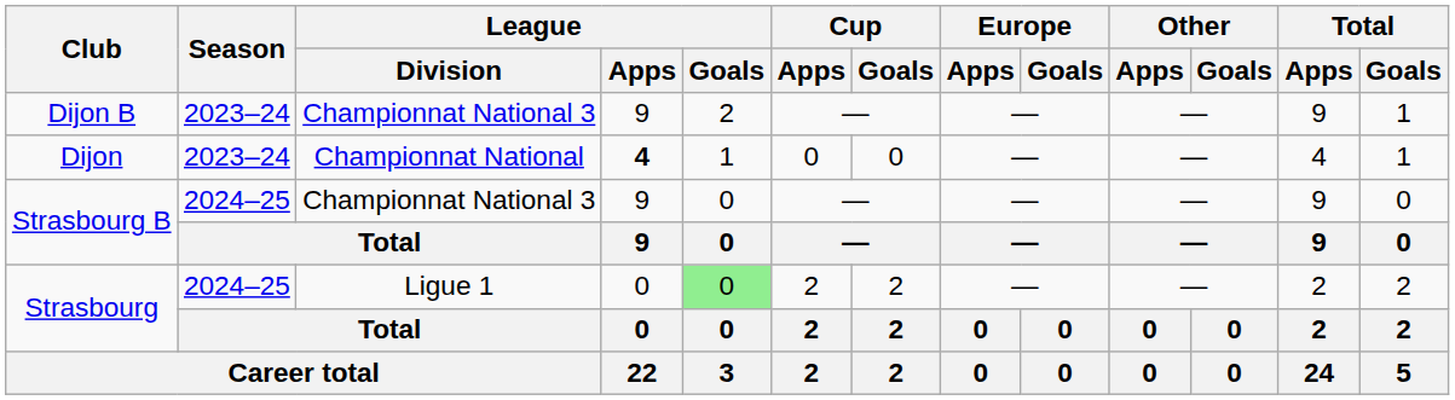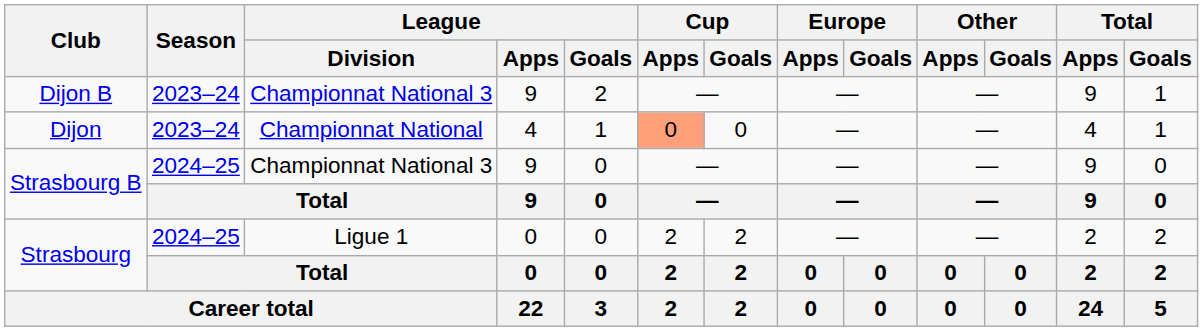 <table class="wikitable" style="text-align: center">
 <tr>
 <th rowspan="2">Club</th>
 <th rowspan="2">Season</th>
 <th colspan="3">League</th>
 <th colspan="2">Cup</th>
 <th colspan="2">Europe</th>
 <th colspan="2">Other</th>
 <th colspan="2">Total</th>
 </tr>
 <tr>
 <th>Division</th>
 <th>Apps</th>
 <th>Goals</th>
 <th>Apps</th>
 <th>Goals</th>
 <th>Apps</th>
 <th>Goals</th>
 <th>Apps</th>
 <th>Goals</th>
 <th>Apps</th>
 <th>Goals</th>
 </tr>
 <tr>
 <td><a href='#'>Dijon B</a></td>
 <td><a href='#'>2023–24</a></td>
 <td><a href='#'>Championnat National 3</a></td>
 <td>9</td>
 <td>2</td>
 <td colspan="2">—</td>
 <td colspan="2">—</td>
 <td colspan="2">—</td>
 <td>9</td>
 <td>1</td>
 </tr>
 <tr>
 <td><a href='#'>Dijon</a></td>
 <td><a href='#'>2023–24</a></td>
 <td><a href='#'>Championnat National</a></td>
-<td><strong>4</strong></td>
+<td>4</td>
 <td>1</td>
-<td>0</td>
+<td style="background: lightsalmon;">0</td>
 <td>0</td>
 <td colspan="2">—</td>
 <td colspan="2">—</td>
 <td>4</td>
 <td>1</td>
 </tr>
 <tr>
 <td rowspan="2"><a href='#'>Strasbourg B</a></td>
 <td><a href='#'>2024–25</a></td>
 <td>Championnat National 3</td>
 <td>9</td>
 <td>0</td>
 <td colspan="2">—</td>
 <td colspan="2">—</td>
 <td colspan="2">—</td>
 <td>9</td>
 <td>0</td>
 </tr>
 <tr>
 <th colspan="2">Total</th>
 <th>9</th>
 <th>0</th>
 <th colspan="2">—</th>
 <th colspan="2">—</th>
 <th colspan="2">—</th>
 <th>9</th>
 <th>0</th>
 </tr>
 <tr>
 <td rowspan="2"><a href='#'>Strasbourg</a></td>
 <td><a href='#'>2024–25</a></td>
 <td>Ligue 1</td>
 <td>0</td>
-<td style="background: lightgreen;">0</td>
+<td>0</td>
 <td>2</td>
 <td>2</td>
 <td colspan="2">—</td>
 <td colspan="2">—</td>
 <td>2</td>
 <td>2</td>
 </tr>
 <tr>
 <th colspan="2">Total</th>
 <th>0</th>
 <th>0</th>
 <th>2</th>
 <th>2</th>
 <th>0</th>
 <th>0</th>
 <th>0</th>
 <th>0</th>
 <th>2</th>
 <th>2</th>
 </tr>
 <tr>
 <th colspan="3">Career total</th>
 <th>22</th>
 <th>3</th>
 <th>2</th>
 <th>2</th>
 <th>0</th>
 <th>0</th>
 <th>0</th>
 <th>0</th>
 <th>24</th>
 <th>5</th>
 </tr>
 </table>
